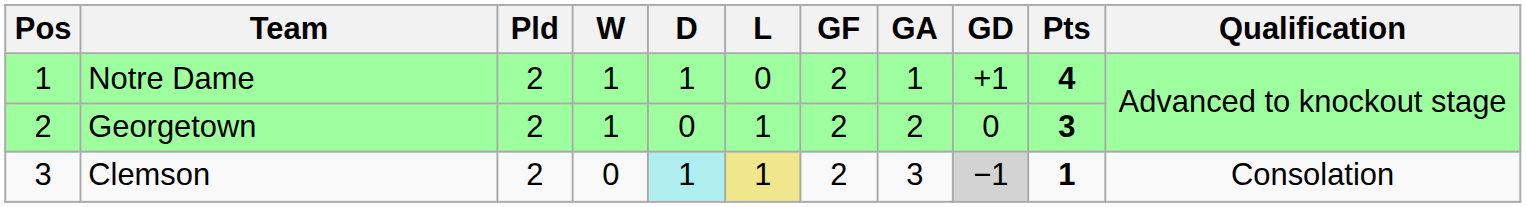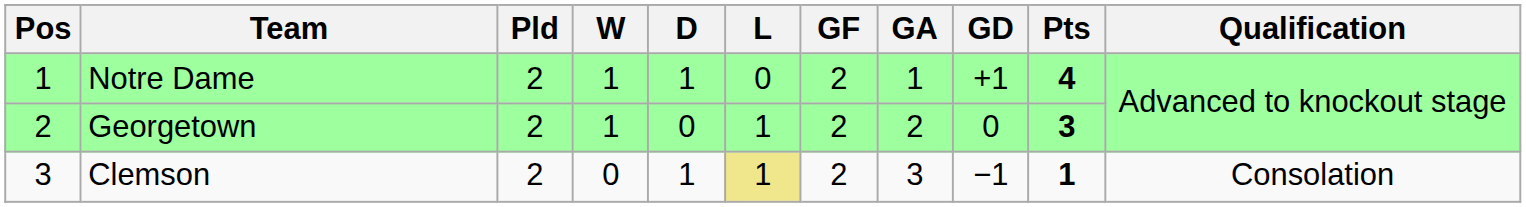 <table class="wikitable" style="text-align:center; margin: 1em auto">
 <tr>
 <th style="width:2em">Pos</th>
 <th style="width:13em">Team</th>
 <th style="width:2em">Pld</th>
 <th style="width:2em">W</th>
 <th style="width:2em">D</th>
 <th style="width:2em">L</th>
 <th style="width:2em">GF</th>
 <th style="width:2em">GA</th>
 <th style="width:2em">GD</th>
 <th style="width:2em">Pts</th>
 <th style="width:13em">Qualification</th>
 </tr>
 <tr bgcolor="#9eff9e">
 <td>1</td>
 <td style="text-align:left">Notre Dame</td>
 <td>2</td>
 <td>1</td>
 <td>1</td>
 <td>0</td>
 <td>2</td>
 <td>1</td>
 <td>+1</td>
 <td><strong>4</strong></td>
 <td rowspan="2">Advanced to knockout stage</td>
 </tr>
 <tr bgcolor="#9eff9e">
 <td>2</td>
 <td style="text-align:left">Georgetown</td>
 <td>2</td>
 <td>1</td>
 <td>0</td>
 <td>1</td>
 <td>2</td>
 <td>2</td>
 <td>0</td>
 <td><strong>3</strong></td>
 </tr>
 <tr>
 <td>3</td>
 <td style="text-align:left">Clemson</td>
 <td>2</td>
 <td>0</td>
-<td style="background: paleturquoise;">1</td>
+<td>1</td>
 <td style="background: khaki;">1</td>
 <td>2</td>
 <td>3</td>
-<td style="background: lightgrey;">−1</td>
+<td>−1</td>
 <td><strong>1</strong></td>
 <td>Consolation</td>
 </tr>
 </table>
